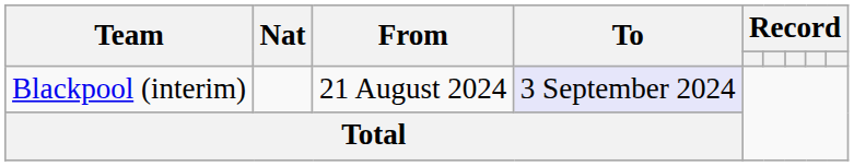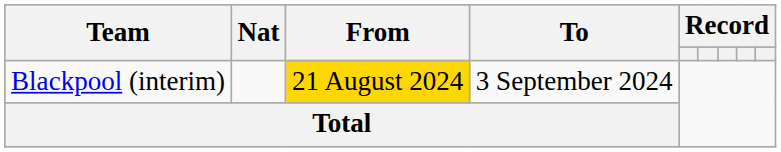 <table class="wikitable" style="text-align: center">
 <tr>
 <th rowspan="2">Team</th>
 <th rowspan="2">Nat</th>
 <th rowspan="2">From</th>
 <th rowspan="2">To</th>
 <th colspan="8">Record</th>
 </tr>
 <tr>
 <th></th>
 <th></th>
 <th></th>
 <th></th>
 <th></th>
 </tr>
 <tr>
 <td align=left><a href='#'>Blackpool</a> (interim)</td>
 <td></td>
-<td align=left>21 August 2024</td>
-<td align=left style="background: lavender;">3 September 2024<br></td>
+<td align=left style="background: gold;">21 August 2024</td>
+<td align=left>3 September 2024<br></td>
 </tr>
 <tr>
 <th colspan="4">Total<br></th>
 </tr>
 </table>
